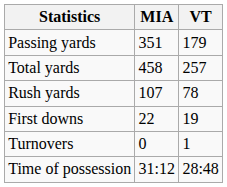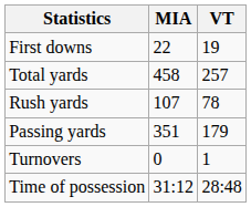 <table class="wikitable" style="float: left;">
 <tr>
 <th>Statistics</th>
 <th>MIA</th>
 <th>VT</th>
 </tr>
 <tr>
-<td>Passing yards</td>
-<td>351</td>
-<td>179</td>
+<td>First downs</td>
+<td>22</td>
+<td>19</td>
 </tr>
 <tr>
 <td>Total yards</td>
 <td>458</td>
 <td>257</td>
 </tr>
 <tr>
 <td>Rush yards</td>
 <td>107</td>
 <td>78</td>
 </tr>
 <tr>
-<td>First downs</td>
-<td>22</td>
-<td>19</td>
+<td>Passing yards</td>
+<td>351</td>
+<td>179</td>
 </tr>
 <tr>
 <td>Turnovers</td>
 <td>0</td>
 <td>1</td>
 </tr>
 <tr>
 <td>Time of possession</td>
 <td>31:12</td>
 <td>28:48</td>
 </tr>
 <tr>
 </tr>
 </table>
